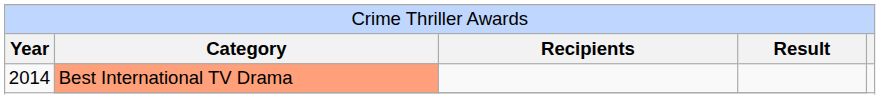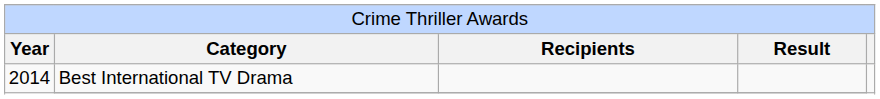 <table class="wikitable plainrowheaders" style="font-size: 100%; width:85%">
 <tr>
 </tr>
 <tr ---- bgcolor="#bfd7ff">
 <td colspan=6 align=center>Crime Thriller Awards</td>
 </tr>
 <tr ---- bgcolor="#ebf5ff">
 <th scope="col" style="width:2%;">Year</th>
 <th scope="col" style="width:45%;">Category</th>
 <th scope="col" style="width:35%;">Recipients</th>
 <th scope="col" style="width:15%;">Result</th>
 <th scope="col" class="unsortable" style="width:1%;"></th>
 </tr>
 <tr>
 <td rowspan=2 style="text-align:center;">2014</td>
-<td style="background: lightsalmon;">Best International TV Drama</td>
+<td>Best International TV Drama</td>
 <td></td>
 <td></td>
 <td rowspan=2 style="text-align:center;"></td>
 </tr>
 <tr>
 </tr>
 </table>
